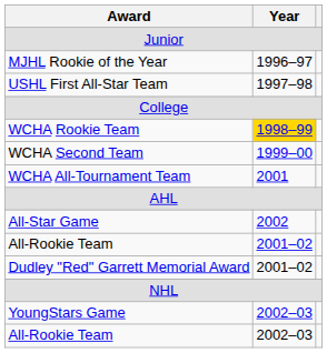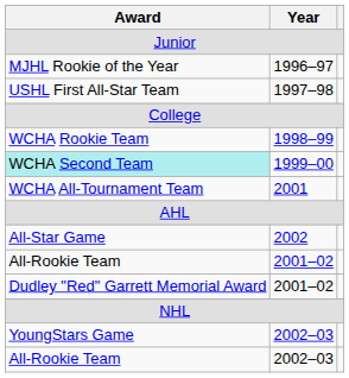 <table class="wikitable">
 <tr>
 <th>Award</th>
 <th>Year</th>
 <th></th>
 </tr>
 <tr ALIGN="center" bgcolor="#e0e0e0">
 <td colspan="3"><a href='#'>Junior</a></td>
 </tr>
 <tr>
 <td><a href='#'>MJHL</a> Rookie of the Year</td>
 <td>1996–97</td>
 <td></td>
 </tr>
 <tr>
 <td><a href='#'>USHL</a> First All-Star Team</td>
 <td>1997–98</td>
 <td></td>
 </tr>
 <tr ALIGN="center" bgcolor="#e0e0e0">
 <td colspan="3"><a href='#'>College</a></td>
 </tr>
 <tr>
 <td><a href='#'>WCHA</a> <a href='#'>Rookie Team</a></td>
-<td style="background: gold;"><a href='#'>1998–99</a></td>
+<td><a href='#'>1998–99</a></td>
 <td></td>
 </tr>
 <tr>
-<td>WCHA <a href='#'>Second Team</a></td>
+<td style="background: paleturquoise;">WCHA <a href='#'>Second Team</a></td>
 <td><a href='#'>1999–00</a></td>
 <td></td>
 </tr>
 <tr>
 <td><a href='#'>WCHA</a> <a href='#'>All-Tournament Team</a></td>
 <td><a href='#'>2001</a></td>
 <td></td>
 </tr>
 <tr ALIGN="center" bgcolor="#e0e0e0">
 <td colspan="3"><a href='#'>AHL</a></td>
 </tr>
 <tr>
 <td><a href='#'>All-Star Game</a></td>
 <td><a href='#'>2002</a></td>
 <td></td>
 </tr>
 <tr>
 <td>All-Rookie Team</td>
 <td><a href='#'>2001–02</a></td>
 <td></td>
 </tr>
 <tr>
 <td><a href='#'>Dudley "Red" Garrett Memorial Award</a></td>
 <td>2001–02</td>
 <td></td>
 </tr>
 <tr ALIGN="center" bgcolor="#e0e0e0">
 <td colspan="3"><a href='#'>NHL</a></td>
 </tr>
 <tr>
 <td><a href='#'>YoungStars Game</a></td>
 <td><a href='#'>2002–03</a></td>
 <td></td>
 </tr>
 <tr>
 <td><a href='#'>All-Rookie Team</a></td>
 <td>2002–03</td>
 <td></td>
 </tr>
 </table>
